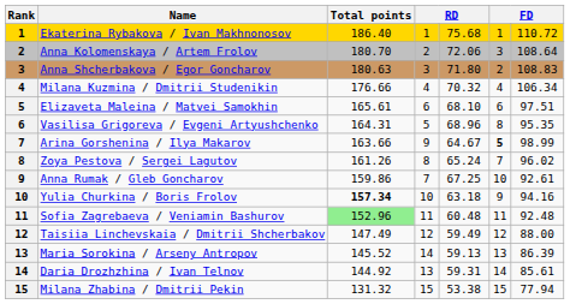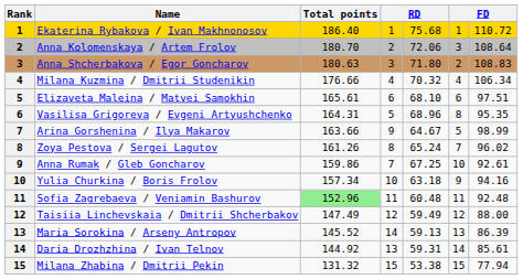 <table class="wikitable sortable">
 <tr>
 <th>Rank</th>
 <th>Name</th>
 <th>Total points</th>
 <th colspan="2" width="80px"><a href='#'>RD</a></th>
 <th colspan="2" width="80px"><a href='#'>FD</a></th>
 </tr>
 <tr bgcolor="gold">
 <td align="center"><strong>1</strong></td>
 <td><a href='#'>Ekaterina Rybakova</a> / <a href='#'>Ivan Makhnonosov</a></td>
 <td align="center">186.40</td>
 <td align="center">1</td>
 <td align="center">75.68</td>
 <td align="center">1</td>
 <td align="center">110.72</td>
 </tr>
 <tr bgcolor="silver">
 <td align="center"><strong>2</strong></td>
 <td><a href='#'>Anna Kolomenskaya</a> / <a href='#'>Artem Frolov</a></td>
 <td align="center">180.70</td>
 <td align="center">2</td>
 <td align="center">72.06</td>
 <td align="center">3</td>
 <td align="center">108.64</td>
 </tr>
 <tr bgcolor="cc9966">
 <td align="center"><strong>3</strong></td>
 <td><a href='#'>Anna Shcherbakova</a> / <a href='#'>Egor Goncharov</a></td>
 <td align="center">180.63</td>
 <td align="center">3</td>
 <td align="center">71.80</td>
 <td align="center">2</td>
 <td align="center">108.83</td>
 </tr>
 <tr>
 <th>4</th>
 <td><a href='#'>Milana Kuzmina</a> / <a href='#'>Dmitrii Studenikin</a></td>
 <td align="center">176.66</td>
 <td align="center">4</td>
 <td align="center">70.32</td>
 <td align="center">4</td>
 <td align="center">106.34</td>
 </tr>
 <tr>
 <th>5</th>
 <td><a href='#'>Elizaveta Maleina</a> / <a href='#'>Matvei Samokhin</a></td>
 <td align="center">165.61</td>
 <td align="center">6</td>
 <td align="center">68.10</td>
 <td align="center">6</td>
 <td align="center">97.51</td>
 </tr>
 <tr>
 <th>6</th>
 <td><a href='#'>Vasilisa Grigoreva</a> / <a href='#'>Evgeni Artyushchenko</a></td>
 <td align="center">164.31</td>
 <td align="center">5</td>
 <td align="center">68.96</td>
 <td align="center">8</td>
 <td align="center">95.35</td>
 </tr>
 <tr>
 <th>7</th>
 <td><a href='#'>Arina Gorshenina</a> / <a href='#'>Ilya Makarov</a></td>
 <td align="center">163.66</td>
 <td align="center">9</td>
 <td align="center">64.67</td>
-<td align="center"><strong>5</strong></td>
+<td align="center">5</td>
 <td align="center">98.99</td>
 </tr>
 <tr>
 <th>8</th>
 <td><a href='#'>Zoya Pestova</a> / <a href='#'>Sergei Lagutov</a></td>
 <td align="center">161.26</td>
 <td align="center">8</td>
 <td align="center">65.24</td>
 <td align="center">7</td>
 <td align="center">96.02</td>
 </tr>
 <tr>
 <th>9</th>
 <td><a href='#'>Anna Rumak</a> / <a href='#'>Gleb Goncharov</a></td>
 <td align="center">159.86</td>
 <td align="center">7</td>
 <td align="center">67.25</td>
 <td align="center">10</td>
 <td align="center">92.61</td>
 </tr>
 <tr>
 <th>10</th>
 <td><a href='#'>Yulia Churkina</a> / <a href='#'>Boris Frolov</a></td>
-<td align="center"><strong>157.34</strong></td>
+<td align="center">157.34</td>
 <td align="center">10</td>
 <td align="center">63.18</td>
 <td align="center">9</td>
 <td align="center">94.16</td>
 </tr>
 <tr>
 <th>11</th>
 <td><a href='#'>Sofia Zagrebaeva</a> / <a href='#'>Veniamin Bashurov</a></td>
 <td align="center" style="background: lightgreen;">152.96</td>
 <td align="center">11</td>
 <td align="center">60.48</td>
 <td align="center">11</td>
 <td align="center">92.48</td>
 </tr>
 <tr>
 <th>12</th>
 <td><a href='#'>Taisiia Linchevskaia</a> / <a href='#'>Dmitrii Shcherbakov</a></td>
 <td align="center">147.49</td>
 <td align="center">12</td>
 <td align="center">59.49</td>
 <td align="center">12</td>
 <td align="center">88.00</td>
 </tr>
 <tr>
 <th>13</th>
 <td><a href='#'>Maria Sorokina</a> / <a href='#'>Arseny Antropov</a></td>
 <td align="center">145.52</td>
 <td align="center">14</td>
 <td align="center">59.13</td>
 <td align="center">13</td>
 <td align="center">86.39</td>
 </tr>
 <tr>
 <th>14</th>
 <td><a href='#'>Daria Drozhzhina</a> / <a href='#'>Ivan Telnov</a></td>
 <td align="center">144.92</td>
 <td align="center">13</td>
 <td align="center">59.31</td>
 <td align="center">14</td>
 <td align="center">85.61</td>
 </tr>
 <tr>
 <th>15</th>
 <td><a href='#'>Milana Zhabina</a> / <a href='#'>Dmitrii Pekin</a></td>
 <td align="center">131.32</td>
 <td align="center">15</td>
 <td align="center">53.38</td>
 <td align="center">15</td>
 <td align="center">77.94</td>
 </tr>
 </table>
